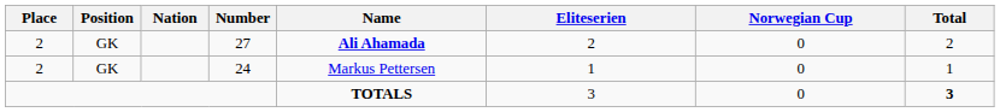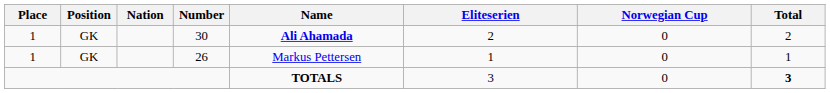 <table class="wikitable" style="font-size: 95%; text-align: center;">
 <tr>
 <th width=60>Place</th>
 <th width=60>Position</th>
 <th width=60>Nation</th>
 <th width=60>Number</th>
 <th width=200>Name</th>
 <th width=200><a href='#'>Eliteserien</a></th>
 <th width=200><a href='#'>Norwegian Cup</a></th>
 <th width=80><strong>Total</strong></th>
 </tr>
 <tr>
-<td>2</td>
+<td>1</td>
 <td>GK</td>
 <td></td>
-<td>27</td>
+<td>30</td>
 <td><strong><a href='#'>Ali Ahamada</a></strong></td>
 <td>2</td>
 <td>0</td>
 <td>2</td>
 </tr>
 <tr>
-<td>2</td>
+<td>1</td>
 <td>GK</td>
 <td></td>
-<td>24</td>
+<td>26</td>
 <td><a href='#'>Markus Pettersen</a></td>
 <td>1</td>
 <td>0</td>
 <td>1</td>
 </tr>
 <tr>
 <td colspan="4"></td>
 <td><strong>TOTALS</strong></td>
 <td>3</td>
 <td>0</td>
 <td><strong>3</strong></td>
 </tr>
 </table>
